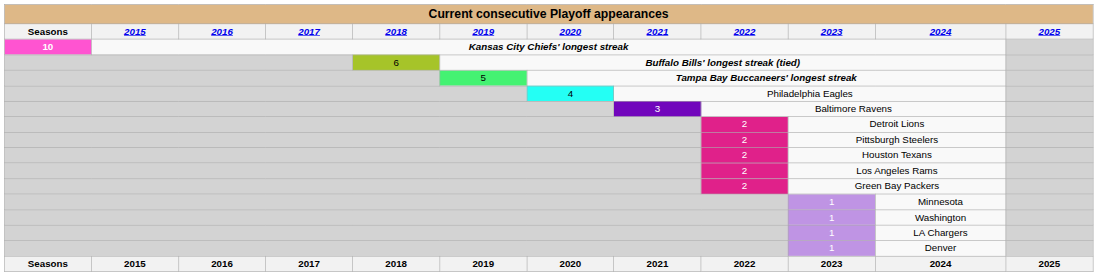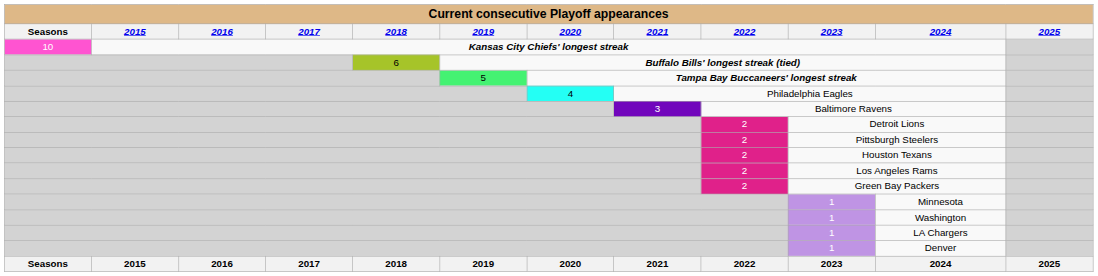 <table class="wikitable" style="text-align:center" width=90%>
 <tr>
 <th colspan="12" style="width:95%; text-align:center; font-size:125%; background:#deb887;">Current consecutive Playoff appearances</th>
 </tr>
 <tr>
 <th width=8%>Seasons</th>
 <th width=8%><em><a href='#'>2015</a></em></th>
 <th width=8%><em><a href='#'>2016</a></em></th>
 <th width=8%><em><a href='#'>2017</a></em></th>
 <th width=8%><em><a href='#'>2018</a></em></th>
 <th width=8%><em><a href='#'>2019</a></em></th>
 <th width=8%><em><a href='#'>2020</a></em></th>
 <th width=8%><em><a href='#'>2021</a></em></th>
 <th width=8%><em><a href='#'>2022</a></em></th>
 <th width=8%><em><a href='#'>2023</a></em></th>
 <th width=12%><em><a href='#'>2024</a></em></th>
 <th width=8%><em><a href='#'>2025</a></em></th>
 </tr>
 <tr>
-<td style="background:#FF54D1; color:white;"><strong>10</strong></td>
+<td style="background:#FF54D1; color:white;">10</td>
 <td colspan="10"><strong><em>Kansas City Chiefs' longest streak</em></strong></td>
 <td style="background:lightgrey;"></td>
 </tr>
 <tr>
 <td colspan="4" style="background:lightgrey;"></td>
 <td style="background:#a6c429;">6</td>
 <td colspan="6"><strong><em>Buffalo Bills' longest streak (tied)</em></strong></td>
 <td style="background:lightgrey;"></td>
 </tr>
 <tr>
 <td colspan="5" style="background:lightgrey;"></td>
 <td style="background:#44F272;">5</td>
 <td colspan="5"><strong><em>Tampa Bay Buccaneers' longest streak</em></strong></td>
 <td style="background:lightgrey;"></td>
 </tr>
 <tr>
 <td colspan="6" style="background:lightgrey;"></td>
 <td style="background:#24FFF4;">4</td>
 <td colspan="4">Philadelphia Eagles</td>
 <td style="background:lightgrey;"></td>
 </tr>
 <tr>
 <td colspan="7" style="background:lightgrey;"></td>
 <td style="background:#7105bc; color:white;">3</td>
 <td colspan=3>Baltimore Ravens</td>
 <td style="background:lightgrey;"></td>
 </tr>
 <tr>
 <td colspan="8" style="background:lightgrey;"></td>
 <td style="background:#E0218A; color:white;">2</td>
 <td colspan="2">Detroit Lions</td>
 <td style="background:lightgrey;"></td>
 </tr>
 <tr>
 <td colspan="8" style="background:lightgrey;"></td>
 <td style="background:#E0218A; color:white;">2</td>
 <td colspan="2">Pittsburgh Steelers</td>
 <td style="background:lightgrey;"></td>
 </tr>
 <tr>
 <td colspan="8" style="background:lightgrey;"></td>
 <td style="background:#E0218A; color:white;">2</td>
 <td colspan="2">Houston Texans</td>
 <td style="background:lightgrey;"></td>
 </tr>
 <tr>
 <td colspan="8" style="background:lightgrey;"></td>
 <td style="background:#E0218A; color:white;">2</td>
 <td colspan="2">Los Angeles Rams</td>
 <td style="background:lightgrey;"></td>
 </tr>
 <tr>
 <td colspan="8" style="background:lightgrey;"></td>
 <td style="background:#E0218A; color:white;">2</td>
 <td colspan="2">Green Bay Packers</td>
 <td style="background:lightgrey;"></td>
 </tr>
 <tr>
 <td colspan="9" style="background:lightgrey;"></td>
 <td style="background:#BF94E4; color:white;">1</td>
 <td>Minnesota</td>
 <td style="background:lightgrey;"></td>
 </tr>
 <tr>
 <td colspan="9" style="background:lightgrey;"></td>
 <td style="background:#BF94E4; color:white;">1</td>
 <td>Washington</td>
 <td style="background:lightgrey;"></td>
 </tr>
 <tr>
 <td colspan="9" style="background:lightgrey;"></td>
 <td style="background:#BF94E4; color:white;">1</td>
 <td>LA Chargers</td>
 <td style="background:lightgrey;"></td>
 </tr>
 <tr>
 <td colspan="9" style="background:lightgrey;"></td>
 <td style="background:#BF94E4; color:white;">1</td>
 <td>Denver</td>
 <td style="background:lightgrey;"></td>
 </tr>
 <tr>
 <th>Seasons</th>
 <th>2015</th>
 <th>2016</th>
 <th>2017</th>
 <th>2018</th>
 <th>2019</th>
 <th>2020</th>
 <th>2021</th>
 <th>2022</th>
 <th>2023</th>
 <th>2024</th>
 <th>2025</th>
 </tr>
 </table>
